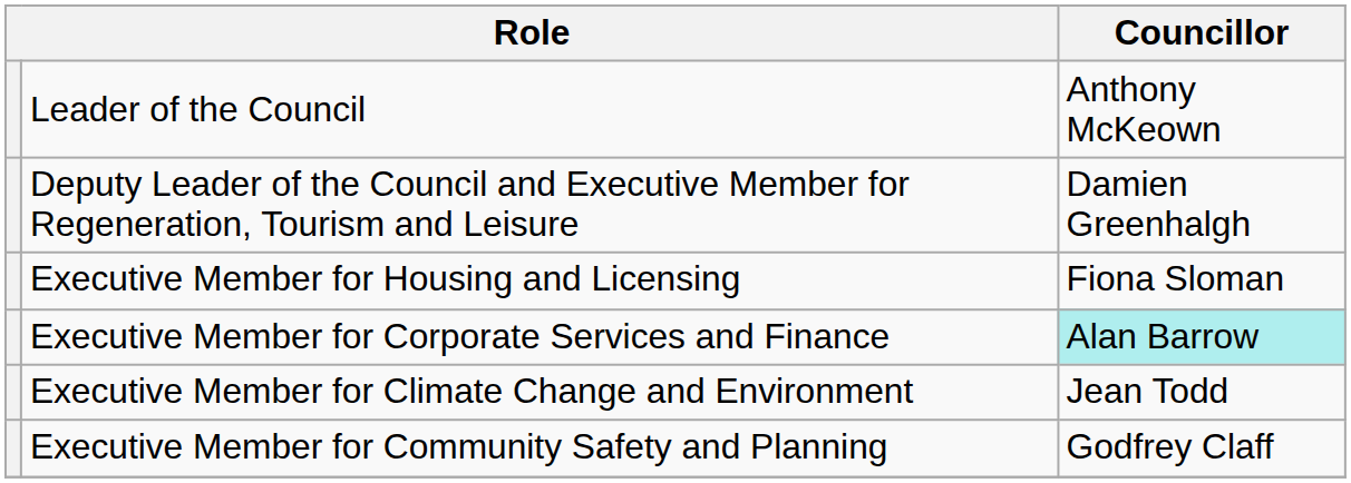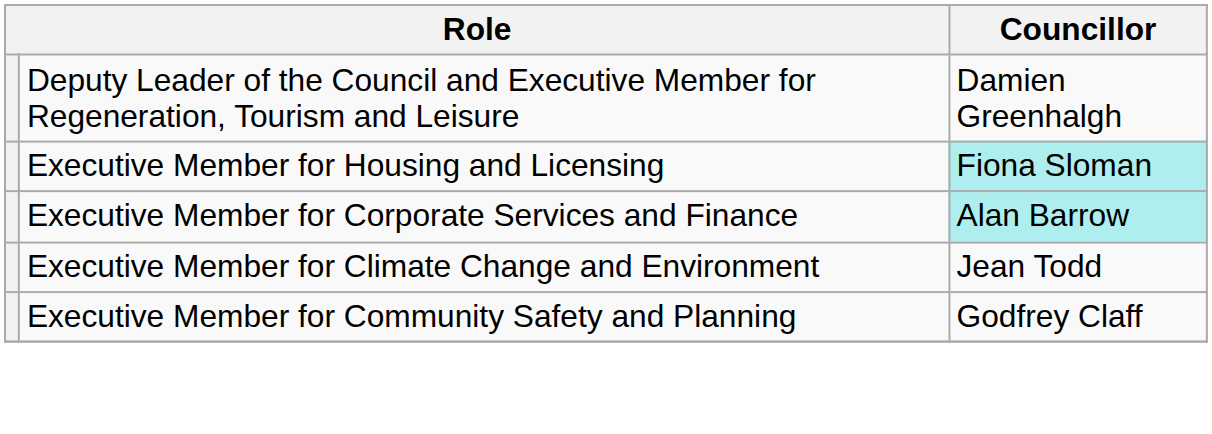 <table class="wikitable">
 <tr>
 <th colspan=2>Role</th>
 <th>Councillor</th>
-</tr>
-<tr>
-<th style="background-color: "></th>
-<td>Leader of the Council</td>
-<td>Anthony McKeown</td>
 </tr>
 <tr>
 <th style="background-color: "></th>
 <td>Deputy Leader of the Council and Executive Member for Regeneration, Tourism and Leisure</td>
 <td>Damien Greenhalgh</td>
 </tr>
 <tr>
 <th style="background-color: "></th>
 <td>Executive Member for Housing and Licensing</td>
-<td>Fiona Sloman</td>
+<td style="background: paleturquoise;">Fiona Sloman</td>
 </tr>
 <tr>
 <th style="background-color: "></th>
 <td>Executive Member for Corporate Services and Finance</td>
 <td style="background: paleturquoise;">Alan Barrow</td>
 </tr>
 <tr>
 <th style="background-color: "></th>
 <td>Executive Member for Climate Change and Environment</td>
 <td>Jean Todd</td>
 </tr>
 <tr>
 <th style="background-color: "></th>
 <td>Executive Member for Community Safety and Planning</td>
 <td>Godfrey Claff</td>
 </tr>
 <tr>
 </tr>
 </table>
